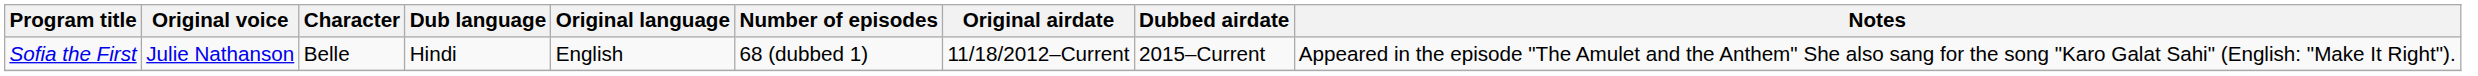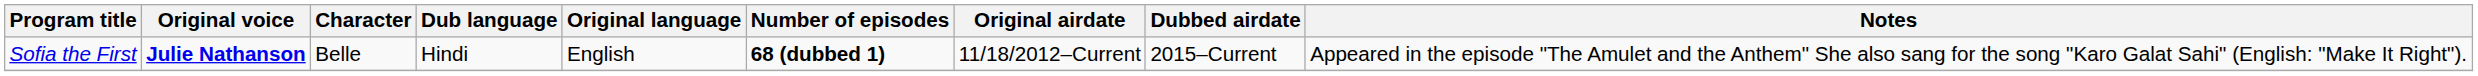 <table class="wikitable">
 <tr>
 <th>Program title</th>
 <th>Original voice</th>
 <th>Character</th>
 <th>Dub language</th>
 <th>Original language</th>
 <th>Number of episodes</th>
 <th>Original airdate</th>
 <th>Dubbed airdate</th>
 <th>Notes</th>
 </tr>
 <tr>
 <td><em><a href='#'>Sofia the First</a></em></td>
-<td><a href='#'>Julie Nathanson</a></td>
+<td><strong><a href='#'>Julie Nathanson</a></strong></td>
 <td>Belle</td>
 <td>Hindi</td>
 <td>English</td>
-<td>68 (dubbed 1)</td>
+<td><strong>68 (dubbed 1)</strong></td>
 <td>11/18/2012–Current</td>
 <td>2015–Current</td>
 <td>Appeared in the episode "The Amulet and the Anthem" She also sang for the song "Karo Galat Sahi" (English: "Make It Right").</td>
 </tr>
 <tr>
 </tr>
 </table>
